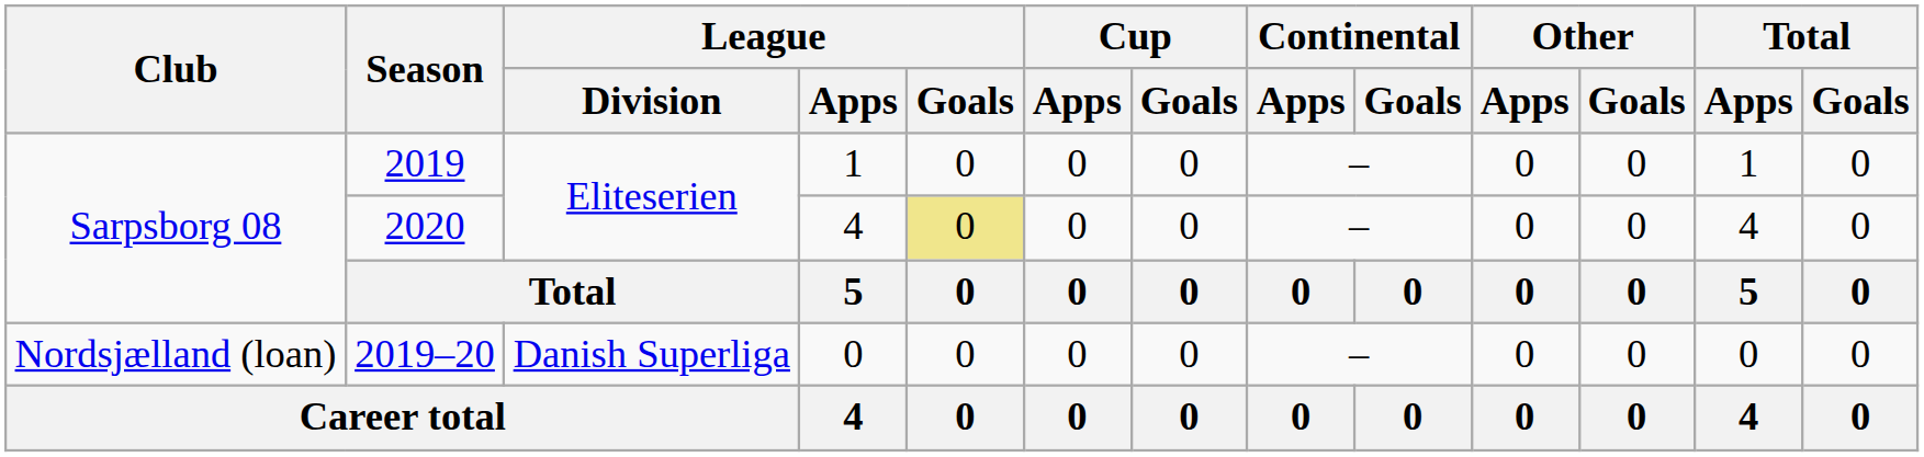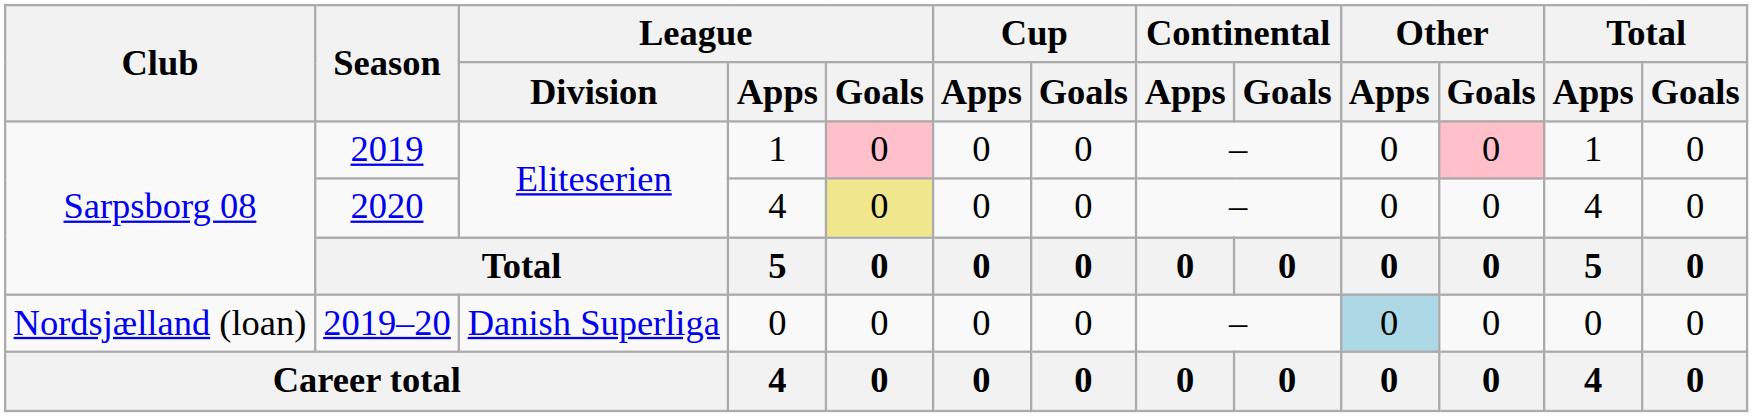 <table class="wikitable" style="text-align: center">
 <tr>
 <th rowspan="2">Club</th>
 <th rowspan="2">Season</th>
 <th colspan="3">League</th>
 <th colspan="2">Cup</th>
 <th colspan="2">Continental</th>
 <th colspan="2">Other</th>
 <th colspan="2">Total</th>
 </tr>
 <tr>
 <th>Division</th>
 <th>Apps</th>
 <th>Goals</th>
 <th>Apps</th>
 <th>Goals</th>
 <th>Apps</th>
 <th>Goals</th>
 <th>Apps</th>
 <th>Goals</th>
 <th>Apps</th>
 <th>Goals</th>
 </tr>
 <tr>
 <td rowspan="3"><a href='#'>Sarpsborg 08</a></td>
 <td><a href='#'>2019</a></td>
 <td rowspan="2"><a href='#'>Eliteserien</a></td>
 <td>1</td>
-<td>0</td>
+<td style="background: pink;">0</td>
 <td>0</td>
 <td>0</td>
 <td colspan="2">–</td>
 <td>0</td>
-<td>0</td>
+<td style="background: pink;">0</td>
 <td>1</td>
 <td>0</td>
 </tr>
 <tr>
 <td><a href='#'>2020</a></td>
 <td>4</td>
 <td style="background: khaki;">0</td>
 <td>0</td>
 <td>0</td>
 <td colspan="2">–</td>
 <td>0</td>
 <td>0</td>
 <td>4</td>
 <td>0</td>
 </tr>
 <tr>
 <th colspan=2>Total</th>
 <th>5</th>
 <th>0</th>
 <th>0</th>
 <th>0</th>
 <th>0</th>
 <th>0</th>
 <th>0</th>
 <th>0</th>
 <th>5</th>
 <th>0</th>
 </tr>
 <tr>
 <td><a href='#'>Nordsjælland</a> (loan)</td>
 <td><a href='#'>2019–20</a></td>
 <td><a href='#'>Danish Superliga</a></td>
 <td>0</td>
 <td>0</td>
 <td>0</td>
 <td>0</td>
 <td colspan="2">–</td>
-<td>0</td>
+<td style="background: lightblue;">0</td>
 <td>0</td>
 <td>0</td>
 <td>0</td>
 </tr>
 <tr>
 <th colspan=3>Career total</th>
 <th>4</th>
 <th>0</th>
 <th>0</th>
 <th>0</th>
 <th>0</th>
 <th>0</th>
 <th>0</th>
 <th>0</th>
 <th>4</th>
 <th>0</th>
 </tr>
 </table>
